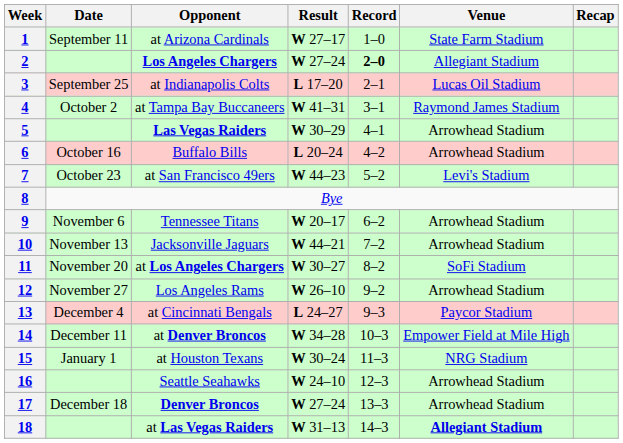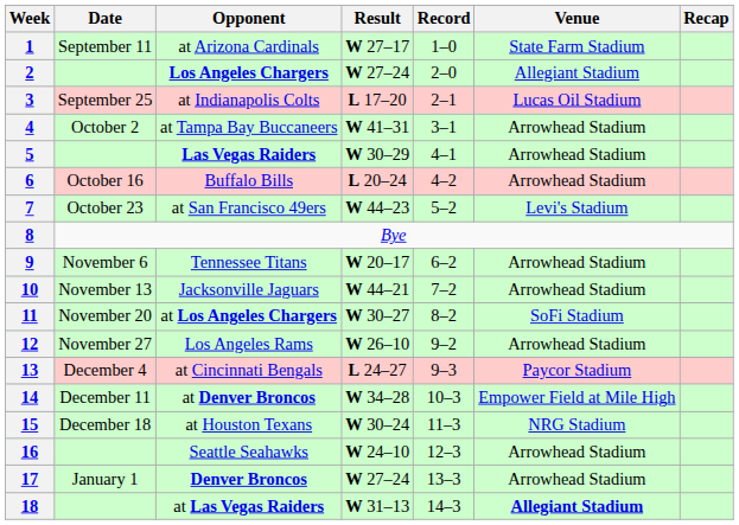 <table class="wikitable" style="text-align:center">
 <tr>
 <th>Week</th>
 <th>Date</th>
 <th>Opponent</th>
 <th>Result</th>
 <th>Record</th>
 <th>Venue</th>
 <th>Recap</th>
 </tr>
 <tr style="background:#cfc">
 <th><a href='#'>1</a></th>
 <td>September 11</td>
 <td>at <a href='#'>Arizona Cardinals</a></td>
 <td><strong>W</strong> 27–17</td>
 <td>1–0</td>
 <td><a href='#'>State Farm Stadium</a></td>
 <td></td>
 </tr>
 <tr style="background:#cfc">
 <th><a href='#'>2</a></th>
 <td></td>
 <td><strong><a href='#'>Los Angeles Chargers</a></strong></td>
 <td><strong>W</strong> 27–24</td>
-<td><strong>2–0</strong></td>
+<td>2–0</td>
 <td><a href='#'>Allegiant Stadium</a></td>
 <td></td>
 </tr>
 <tr style="background:#fcc">
 <th><a href='#'>3</a></th>
 <td>September 25</td>
 <td>at <a href='#'>Indianapolis Colts</a></td>
 <td><strong>L</strong> 17–20</td>
 <td>2–1</td>
 <td><a href='#'>Lucas Oil Stadium</a></td>
 <td></td>
 </tr>
 <tr style="background:#cfc">
 <th><a href='#'>4</a></th>
 <td>October 2</td>
 <td>at <a href='#'>Tampa Bay Buccaneers</a></td>
 <td><strong>W</strong> 41–31</td>
 <td>3–1</td>
-<td><a href='#'>Raymond James Stadium</a></td>
+<td>Arrowhead Stadium</td>
 <td></td>
 </tr>
 <tr style="background:#cfc">
 <th><a href='#'>5</a></th>
 <td></td>
 <td><strong><a href='#'>Las Vegas Raiders</a></strong></td>
 <td><strong>W</strong> 30–29</td>
 <td>4–1</td>
 <td>Arrowhead Stadium</td>
 <td></td>
 </tr>
 <tr style="background:#fcc">
 <th><a href='#'>6</a></th>
 <td>October 16</td>
 <td><a href='#'>Buffalo Bills</a></td>
 <td><strong>L</strong> 20–24</td>
 <td>4–2</td>
 <td>Arrowhead Stadium</td>
 <td></td>
 </tr>
 <tr style="background:#cfc">
 <th><a href='#'>7</a></th>
 <td>October 23</td>
 <td>at <a href='#'>San Francisco 49ers</a></td>
 <td><strong>W</strong> 44–23</td>
 <td>5–2</td>
 <td><a href='#'>Levi's Stadium</a></td>
 <td></td>
 </tr>
 <tr>
 <th><a href='#'>8</a></th>
 <td colspan="6"><em><a href='#'>Bye</a></em></td>
 </tr>
 <tr style="background:#cfc">
 <th><a href='#'>9</a></th>
 <td>November 6</td>
 <td><a href='#'>Tennessee Titans</a></td>
 <td><strong>W</strong> 20–17 </td>
 <td>6–2</td>
 <td>Arrowhead Stadium</td>
 <td></td>
 </tr>
 <tr style="background:#cfc">
 <th><a href='#'>10</a></th>
 <td>November 13</td>
 <td><a href='#'>Jacksonville Jaguars</a></td>
 <td><strong>W</strong> 44–21</td>
 <td>7–2</td>
 <td>Arrowhead Stadium</td>
 <td></td>
 </tr>
 <tr style="background:#cfc">
 <th><a href='#'>11</a></th>
 <td>November 20</td>
 <td>at <strong><a href='#'>Los Angeles Chargers</a></strong></td>
 <td><strong>W</strong> 30–27</td>
 <td>8–2</td>
 <td><a href='#'>SoFi Stadium</a></td>
 <td></td>
 </tr>
 <tr style="background:#cfc">
 <th><a href='#'>12</a></th>
 <td>November 27</td>
 <td><a href='#'>Los Angeles Rams</a></td>
 <td><strong>W</strong> 26–10</td>
 <td>9–2</td>
 <td>Arrowhead Stadium</td>
 <td></td>
 </tr>
 <tr style="background:#fcc">
 <th><a href='#'>13</a></th>
 <td>December 4</td>
 <td>at <a href='#'>Cincinnati Bengals</a></td>
 <td><strong>L</strong> 24–27</td>
 <td>9–3</td>
 <td><a href='#'>Paycor Stadium</a></td>
 <td></td>
 </tr>
 <tr style="background:#cfc">
 <th><a href='#'>14</a></th>
 <td>December 11</td>
 <td>at <strong><a href='#'>Denver Broncos</a></strong></td>
 <td><strong>W</strong> 34–28</td>
 <td>10–3</td>
 <td><a href='#'>Empower Field at Mile High</a></td>
 <td></td>
 </tr>
 <tr style="background:#cfc">
 <th><a href='#'>15</a></th>
-<td>January 1</td>
+<td>December 18</td>
 <td>at <a href='#'>Houston Texans</a></td>
 <td><strong>W</strong> 30–24 </td>
 <td>11–3</td>
 <td><a href='#'>NRG Stadium</a></td>
 <td></td>
 </tr>
 <tr style="background:#cfc">
 <th><a href='#'>16</a></th>
 <td></td>
 <td><a href='#'>Seattle Seahawks</a></td>
 <td><strong>W</strong> 24–10</td>
 <td>12–3</td>
 <td>Arrowhead Stadium</td>
 <td></td>
 </tr>
 <tr style="background:#cfc">
 <th><a href='#'>17</a></th>
-<td>December 18</td>
+<td>January 1</td>
 <td><strong><a href='#'>Denver Broncos</a></strong></td>
 <td><strong>W</strong> 27–24</td>
 <td>13–3</td>
 <td>Arrowhead Stadium</td>
 <td></td>
 </tr>
 <tr style="background:#cfc">
 <th><a href='#'>18</a></th>
 <td></td>
 <td>at <strong><a href='#'>Las Vegas Raiders</a></strong></td>
 <td><strong>W</strong> 31–13</td>
 <td>14–3</td>
 <td><strong><a href='#'>Allegiant Stadium</a></strong></td>
 <td></td>
 </tr>
 </table>
